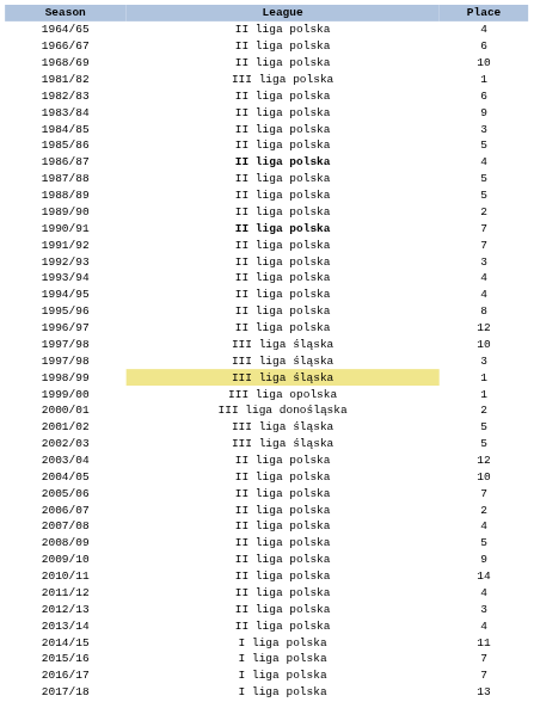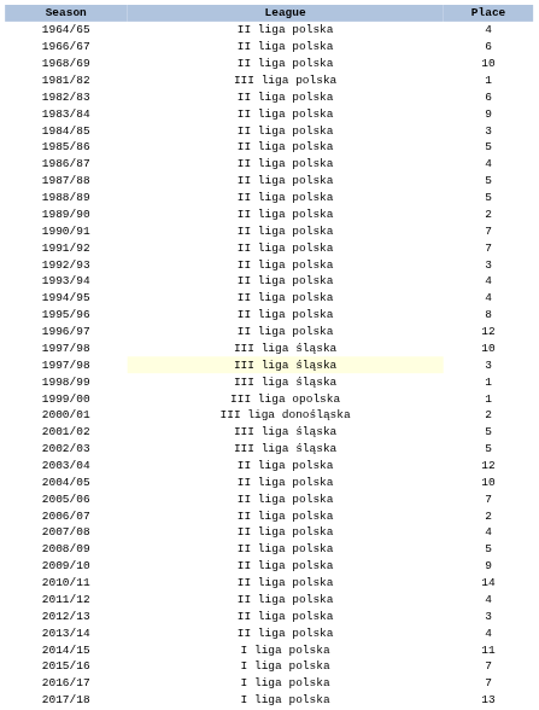 <table class="mw-collapsible mw-collapsed" border="0" cellpadding="2" cellspacing="0" width="600" align="center">
 <tr>
 <th align="center" style="background-color: #B0C4DE">Season</th>
 <th align="center" style="background-color: #B0C4DE">League</th>
 <th align="center" style="background-color: #B0C4DE">Place</th>
 </tr>
 <tr align="center">
 <td>1964/65</td>
 <td>II liga polska</td>
 <td>4</td>
 </tr>
 <tr align="center">
 <td>1966/67</td>
 <td>II liga polska</td>
 <td>6</td>
 </tr>
 <tr align="center">
 <td>1968/69</td>
 <td>II liga polska</td>
 <td>10</td>
 </tr>
 <tr align="center">
 <td>1981/82</td>
 <td>III liga polska</td>
 <td>1 </td>
 </tr>
 <tr align="center">
 </tr>
 <tr align="center">
 <td>1982/83</td>
 <td>II liga polska</td>
 <td>6</td>
 </tr>
 <tr align="center">
 <td>1983/84</td>
 <td>II liga polska</td>
 <td>9</td>
 </tr>
 <tr align="center">
 <td>1984/85</td>
 <td>II liga polska</td>
 <td>3</td>
 </tr>
 <tr align="center">
 <td>1985/86</td>
 <td>II liga polska</td>
 <td>5</td>
 </tr>
 <tr align="center">
 <td>1986/87</td>
-<td><strong>II liga polska</strong></td>
+<td>II liga polska</td>
 <td>4</td>
 </tr>
 <tr align="center">
 <td>1987/88</td>
 <td>II liga polska</td>
 <td>5</td>
 </tr>
 <tr align="center">
 <td>1988/89</td>
 <td>II liga polska</td>
 <td>5</td>
 </tr>
 <tr align="center">
 <td>1989/90</td>
 <td>II liga polska</td>
 <td>2</td>
 </tr>
 <tr align="center">
 <td>1990/91</td>
-<td><strong>II liga polska</strong></td>
+<td>II liga polska</td>
 <td>7</td>
 </tr>
 <tr align="center">
 <td>1991/92</td>
 <td>II liga polska</td>
 <td>7</td>
 </tr>
 <tr align="center">
 <td>1992/93</td>
 <td>II liga polska</td>
 <td>3</td>
 </tr>
 <tr align="center">
 <td>1993/94</td>
 <td>II liga polska</td>
 <td>4</td>
 </tr>
 <tr align="center">
 <td>1994/95</td>
 <td>II liga polska</td>
 <td>4</td>
 </tr>
 <tr align="center">
 <td>1995/96</td>
 <td>II liga polska</td>
 <td>8</td>
 </tr>
 <tr align="center">
 <td>1996/97</td>
 <td>II liga polska</td>
 <td>12 </td>
 </tr>
 <tr align="center">
 <td>1997/98</td>
 <td>III liga śląska</td>
 <td>10</td>
 </tr>
 <tr align="center">
 <td>1997/98</td>
-<td>III liga śląska</td>
+<td style="background: lightyellow;">III liga śląska</td>
 <td>3</td>
 </tr>
 <tr align="center">
 <td>1998/99</td>
-<td style="background: khaki;">III liga śląska</td>
+<td>III liga śląska</td>
 <td>1</td>
 </tr>
 <tr align="center">
 <td>1999/00</td>
 <td>III liga opolska</td>
 <td>1</td>
 </tr>
 <tr align="center">
 <td>2000/01</td>
 <td>III liga donośląska</td>
 <td>2</td>
 </tr>
 <tr align="center">
 <td>2001/02</td>
 <td>III liga śląska</td>
 <td>5</td>
 </tr>
 <tr align="center">
 <td>2002/03</td>
 <td>III liga śląska</td>
 <td>5 </td>
 </tr>
 <tr align="center">
 <td>2003/04</td>
 <td>II liga polska</td>
 <td>12</td>
 </tr>
 <tr align="center">
 <td>2004/05</td>
 <td>II liga polska</td>
 <td>10</td>
 </tr>
 <tr align="center">
 <td>2005/06</td>
 <td>II liga polska</td>
 <td>7</td>
 </tr>
 <tr align="center">
 <td>2006/07</td>
 <td>II liga polska</td>
 <td>2</td>
 </tr>
 <tr align="center">
 <td>2007/08</td>
 <td>II liga polska</td>
 <td>4</td>
 </tr>
 <tr align="center">
 <td>2008/09</td>
 <td>II liga polska</td>
 <td>5</td>
 </tr>
 <tr align="center">
 <td>2009/10</td>
 <td>II liga polska</td>
 <td>9</td>
 </tr>
 <tr align="center">
 <td>2010/11</td>
 <td>II liga polska</td>
 <td>14</td>
 </tr>
 <tr align="center">
 <td>2011/12</td>
 <td>II liga polska</td>
 <td>4</td>
 </tr>
 <tr align="center">
 <td>2012/13</td>
 <td>II liga polska</td>
 <td>3</td>
 </tr>
 <tr align="center">
 <td>2013/14</td>
 <td>II liga polska</td>
 <td>4 </td>
 </tr>
 <tr align="center">
 <td>2014/15</td>
 <td>I liga polska</td>
 <td>11</td>
 </tr>
 <tr align="center">
 <td>2015/16</td>
 <td>I liga polska</td>
 <td>7</td>
 </tr>
 <tr align="center">
 <td>2016/17</td>
 <td>I liga polska</td>
 <td>7</td>
 </tr>
 <tr align="center">
 <td>2017/18</td>
 <td>I liga polska</td>
 <td>13</td>
 </tr>
 </table>
